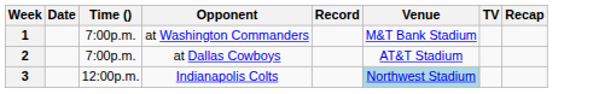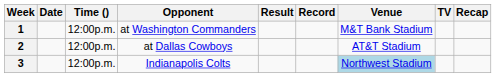 <table class="wikitable" style="text-align:center">
 <tr>
 <th>Week</th>
 <th>Date</th>
 <th>Time (<a href='#'></a>)</th>
 <th>Opponent</th>
+<th>Result</th>
 <th>Record</th>
 <th>Venue</th>
 <th>TV</th>
 <th>Recap</th>
 </tr>
 <tr>
 <th>1</th>
 <td></td>
-<td>7:00p.m.</td>
+<td>12:00p.m.</td>
 <td>at <a href='#'>Washington Commanders</a></td>
+<td></td>
 <td></td>
 <td><a href='#'>M&T Bank Stadium</a></td>
 <td></td>
 <td></td>
 </tr>
 <tr>
 <th>2</th>
 <td></td>
-<td>7:00p.m.</td>
+<td>12:00p.m.</td>
 <td>at <a href='#'>Dallas Cowboys</a></td>
+<td></td>
 <td></td>
 <td><a href='#'>AT&T Stadium</a></td>
 <td></td>
 <td></td>
 </tr>
 <tr>
 <th>3</th>
 <td></td>
 <td>12:00p.m.</td>
 <td><a href='#'>Indianapolis Colts</a></td>
 <td></td>
+<td></td>
 <td style="background: lightblue;"><a href='#'>Northwest Stadium</a></td>
 <td></td>
 <td></td>
 </tr>
 </table>
